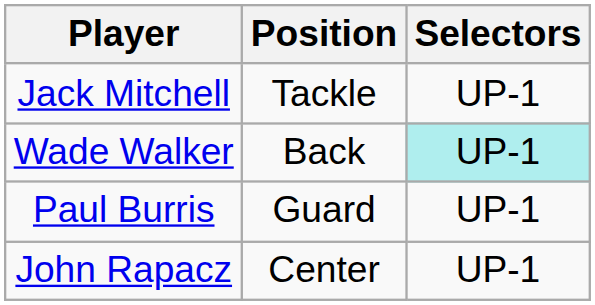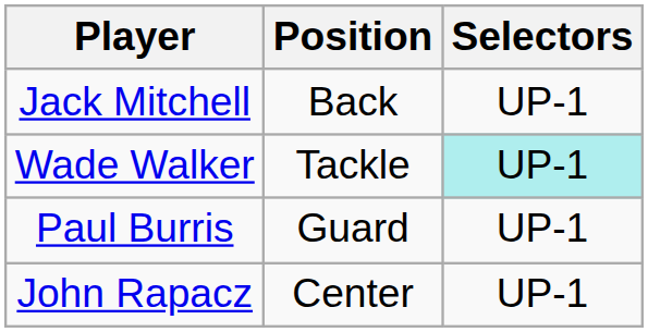 <table class="wikitable" style="text-align: center">
 <tr align=center>
 <th>Player</th>
 <th>Position</th>
 <th>Selectors</th>
 </tr>
 <tr>
 <td><a href='#'>Jack Mitchell</a></td>
-<td>Tackle</td>
+<td>Back</td>
 <td>UP-1</td>
 </tr>
 <tr>
 <td><a href='#'>Wade Walker</a></td>
-<td>Back</td>
+<td>Tackle</td>
 <td style="background: paleturquoise;">UP-1</td>
 </tr>
 <tr>
 <td><a href='#'>Paul Burris</a></td>
 <td>Guard</td>
 <td>UP-1</td>
 </tr>
 <tr>
 <td><a href='#'>John Rapacz</a></td>
 <td>Center</td>
 <td>UP-1</td>
 </tr>
 </table>
